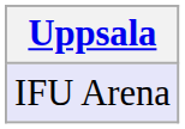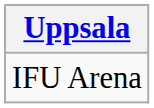 <table class="wikitable" style="text-align=center">
 <tr>
 <th><strong><a href='#'>Uppsala</a></strong></th>
 </tr>
 <tr>
-<td style="background: lavender;">IFU Arena</td>
+<td>IFU Arena</td>
 </tr>
 </table>
